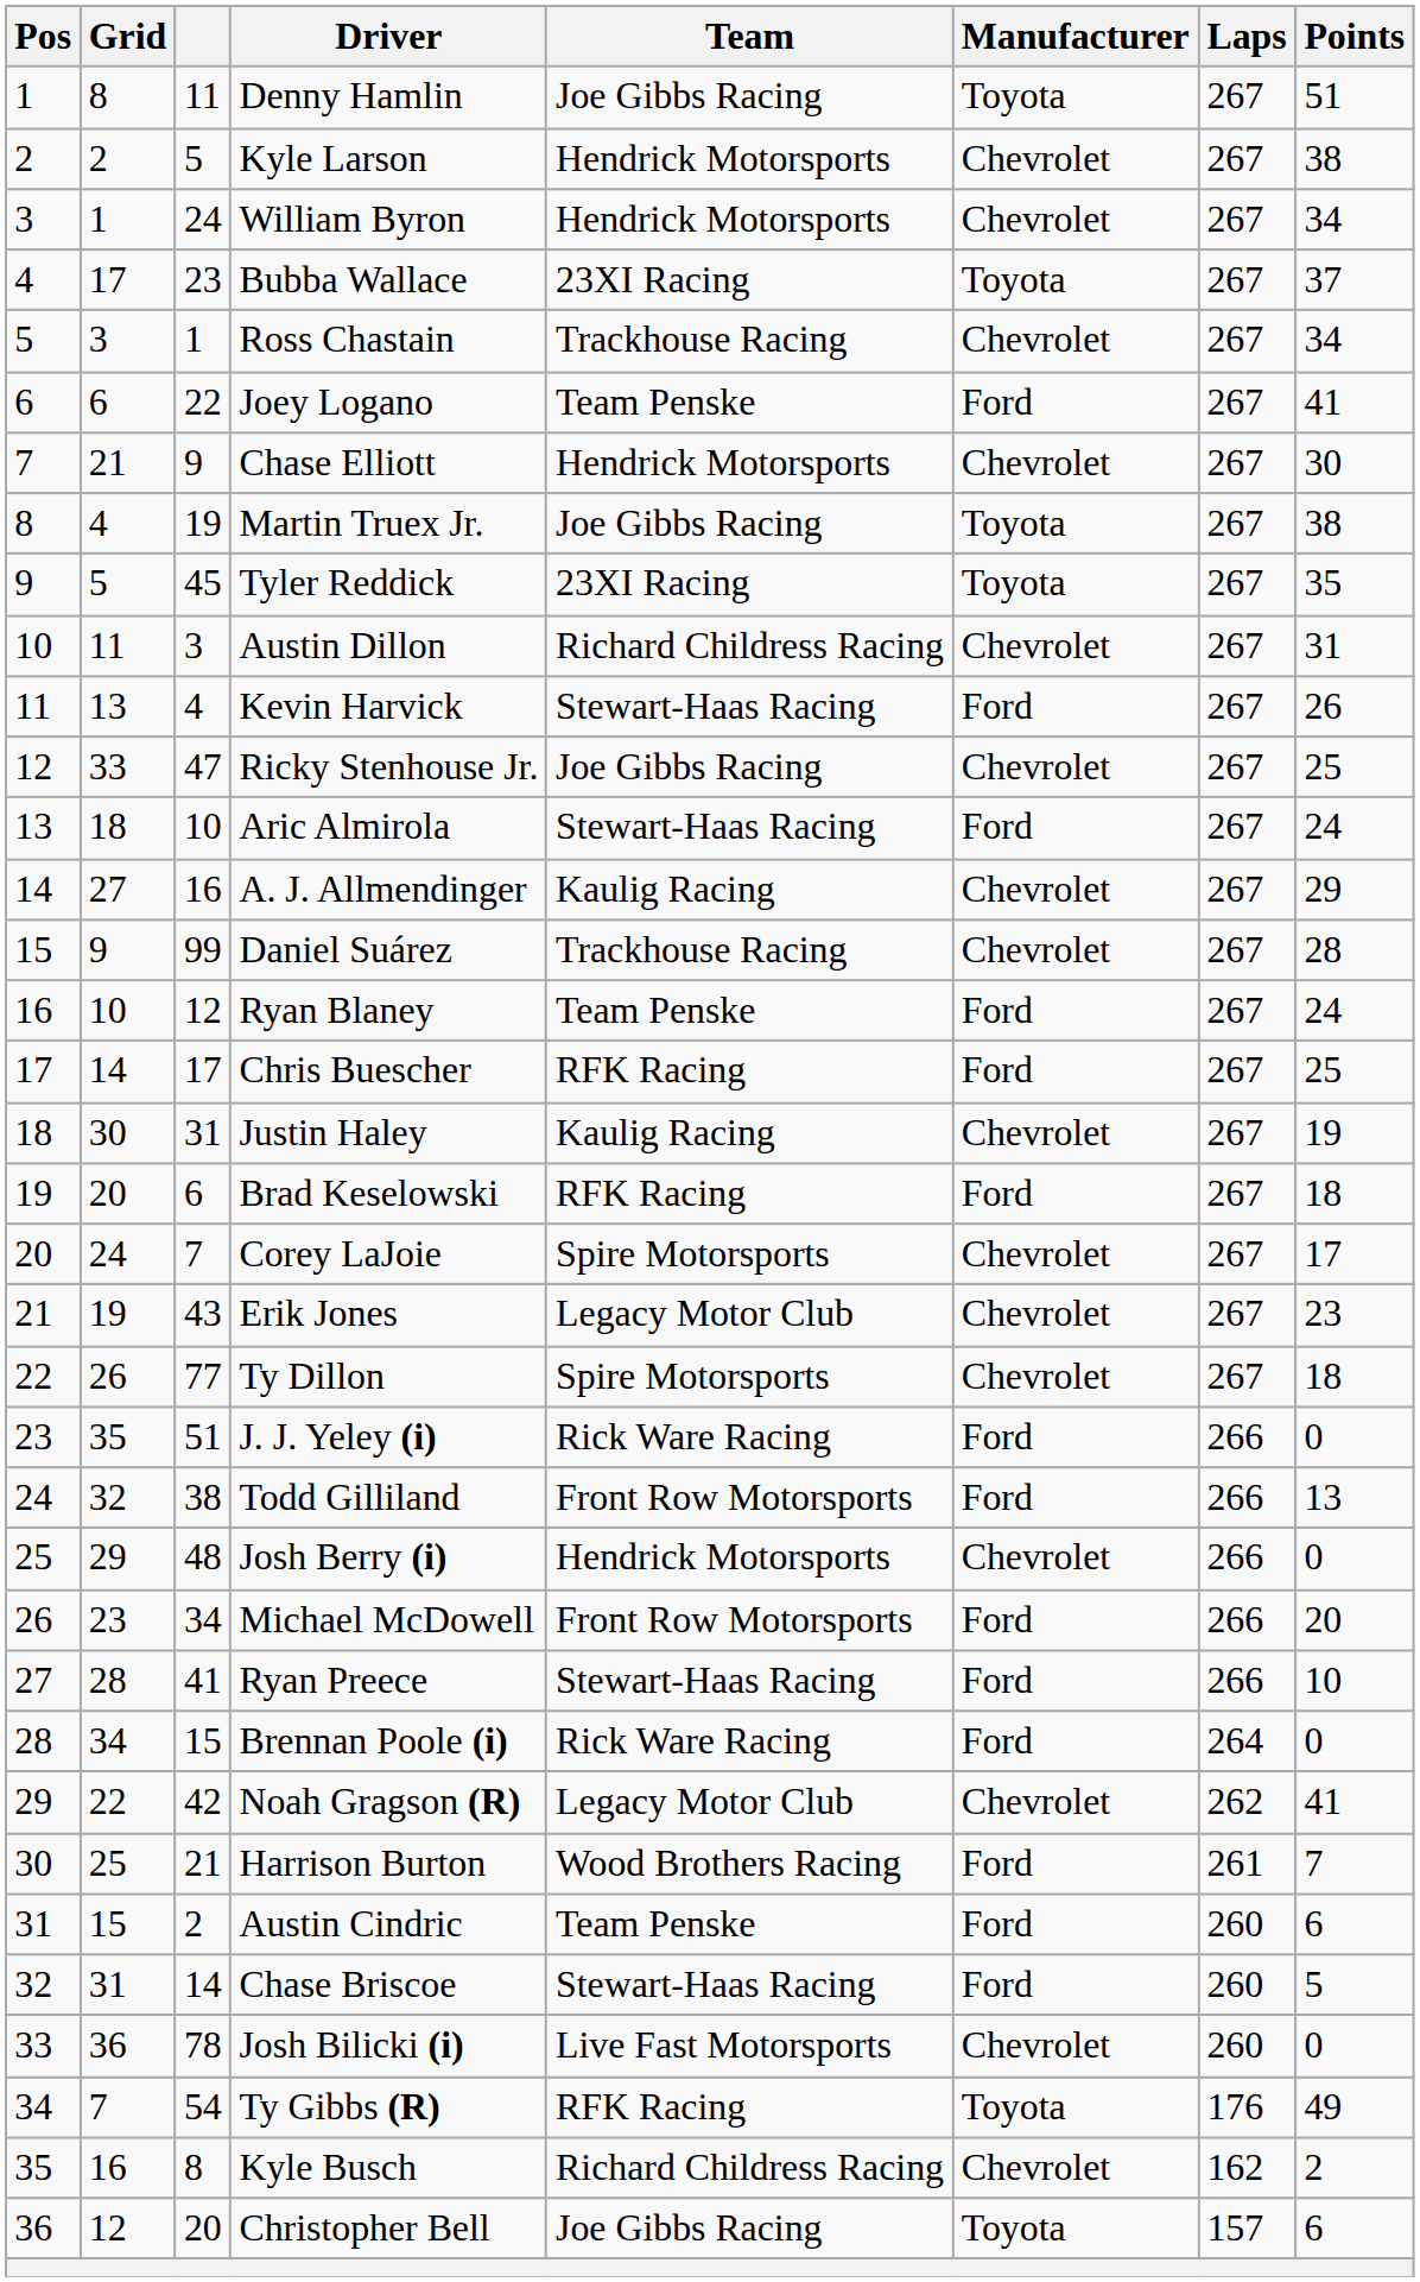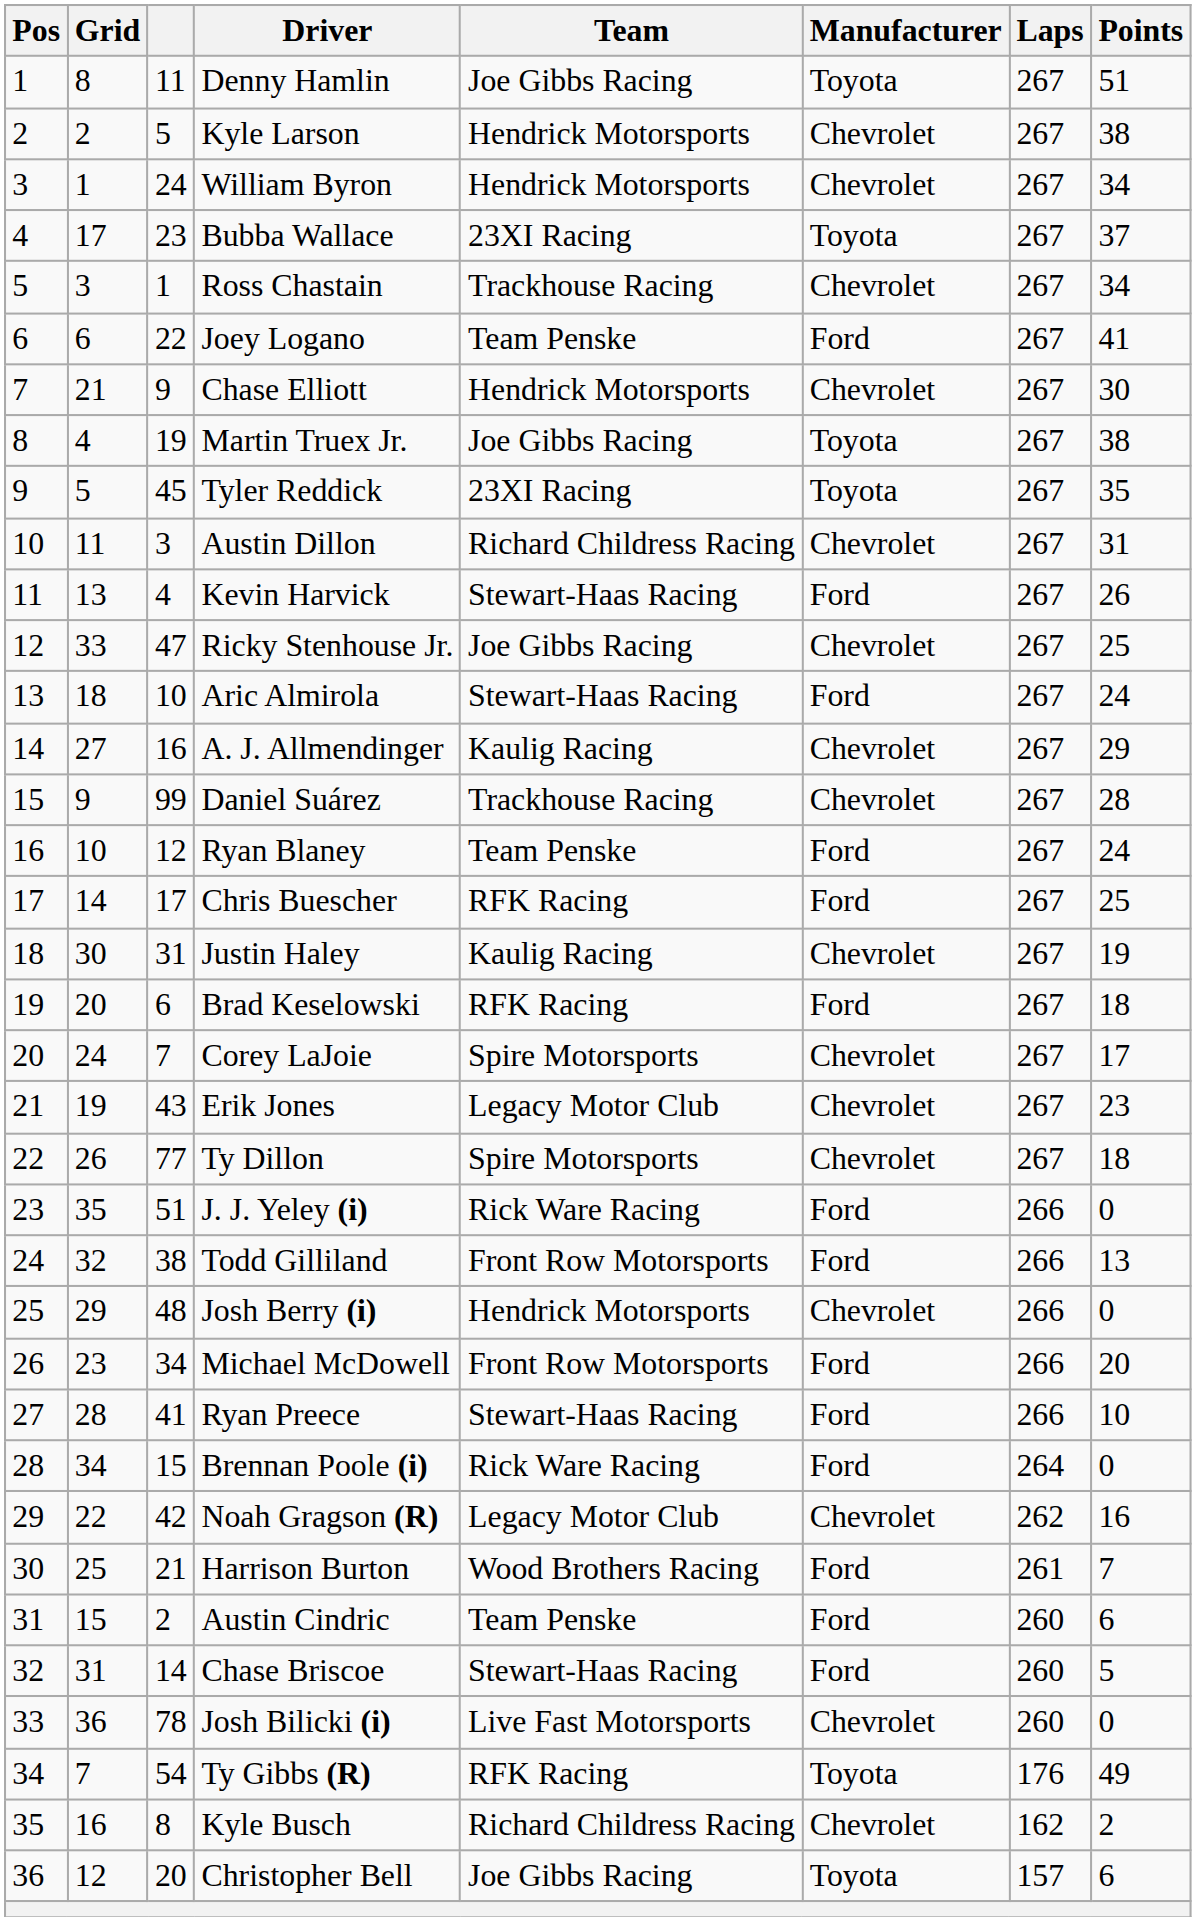 <table class="wikitable" style="font-size:98%">
 <tr>
 <th>Pos</th>
 <th>Grid</th>
 <th></th>
 <th>Driver</th>
 <th>Team</th>
 <th>Manufacturer</th>
 <th>Laps</th>
 <th>Points</th>
 </tr>
 <tr>
 <td>1</td>
 <td>8</td>
 <td>11</td>
 <td>Denny Hamlin</td>
 <td>Joe Gibbs Racing</td>
 <td>Toyota</td>
 <td>267</td>
 <td>51</td>
 </tr>
 <tr>
 <td>2</td>
 <td>2</td>
 <td>5</td>
 <td>Kyle Larson</td>
 <td>Hendrick Motorsports</td>
 <td>Chevrolet</td>
 <td>267</td>
 <td>38</td>
 </tr>
 <tr>
 <td>3</td>
 <td>1</td>
 <td>24</td>
 <td>William Byron</td>
 <td>Hendrick Motorsports</td>
 <td>Chevrolet</td>
 <td>267</td>
 <td>34</td>
 </tr>
 <tr>
 <td>4</td>
 <td>17</td>
 <td>23</td>
 <td>Bubba Wallace</td>
 <td>23XI Racing</td>
 <td>Toyota</td>
 <td>267</td>
 <td>37</td>
 </tr>
 <tr>
 <td>5</td>
 <td>3</td>
 <td>1</td>
 <td>Ross Chastain</td>
 <td>Trackhouse Racing</td>
 <td>Chevrolet</td>
 <td>267</td>
 <td>34</td>
 </tr>
 <tr>
 <td>6</td>
 <td>6</td>
 <td>22</td>
 <td>Joey Logano</td>
 <td>Team Penske</td>
 <td>Ford</td>
 <td>267</td>
 <td>41</td>
 </tr>
 <tr>
 <td>7</td>
 <td>21</td>
 <td>9</td>
 <td>Chase Elliott</td>
 <td>Hendrick Motorsports</td>
 <td>Chevrolet</td>
 <td>267</td>
 <td>30</td>
 </tr>
 <tr>
 <td>8</td>
 <td>4</td>
 <td>19</td>
 <td>Martin Truex Jr.</td>
 <td>Joe Gibbs Racing</td>
 <td>Toyota</td>
 <td>267</td>
 <td>38</td>
 </tr>
 <tr>
 <td>9</td>
 <td>5</td>
 <td>45</td>
 <td>Tyler Reddick</td>
 <td>23XI Racing</td>
 <td>Toyota</td>
 <td>267</td>
 <td>35</td>
 </tr>
 <tr>
 <td>10</td>
 <td>11</td>
 <td>3</td>
 <td>Austin Dillon</td>
 <td>Richard Childress Racing</td>
 <td>Chevrolet</td>
 <td>267</td>
 <td>31</td>
 </tr>
 <tr>
 <td>11</td>
 <td>13</td>
 <td>4</td>
 <td>Kevin Harvick</td>
 <td>Stewart-Haas Racing</td>
 <td>Ford</td>
 <td>267</td>
 <td>26</td>
 </tr>
 <tr>
 <td>12</td>
 <td>33</td>
 <td>47</td>
 <td>Ricky Stenhouse Jr.</td>
 <td>Joe Gibbs Racing</td>
 <td>Chevrolet</td>
 <td>267</td>
 <td>25</td>
 </tr>
 <tr>
 <td>13</td>
 <td>18</td>
 <td>10</td>
 <td>Aric Almirola</td>
 <td>Stewart-Haas Racing</td>
 <td>Ford</td>
 <td>267</td>
 <td>24</td>
 </tr>
 <tr>
 <td>14</td>
 <td>27</td>
 <td>16</td>
 <td>A. J. Allmendinger</td>
 <td>Kaulig Racing</td>
 <td>Chevrolet</td>
 <td>267</td>
 <td>29</td>
 </tr>
 <tr>
 <td>15</td>
 <td>9</td>
 <td>99</td>
 <td>Daniel Suárez</td>
 <td>Trackhouse Racing</td>
 <td>Chevrolet</td>
 <td>267</td>
 <td>28</td>
 </tr>
 <tr>
 <td>16</td>
 <td>10</td>
 <td>12</td>
 <td>Ryan Blaney</td>
 <td>Team Penske</td>
 <td>Ford</td>
 <td>267</td>
 <td>24</td>
 </tr>
 <tr>
 <td>17</td>
 <td>14</td>
 <td>17</td>
 <td>Chris Buescher</td>
 <td>RFK Racing</td>
 <td>Ford</td>
 <td>267</td>
 <td>25</td>
 </tr>
 <tr>
 <td>18</td>
 <td>30</td>
 <td>31</td>
 <td>Justin Haley</td>
 <td>Kaulig Racing</td>
 <td>Chevrolet</td>
 <td>267</td>
 <td>19</td>
 </tr>
 <tr>
 <td>19</td>
 <td>20</td>
 <td>6</td>
 <td>Brad Keselowski</td>
 <td>RFK Racing</td>
 <td>Ford</td>
 <td>267</td>
 <td>18</td>
 </tr>
 <tr>
 <td>20</td>
 <td>24</td>
 <td>7</td>
 <td>Corey LaJoie</td>
 <td>Spire Motorsports</td>
 <td>Chevrolet</td>
 <td>267</td>
 <td>17</td>
 </tr>
 <tr>
 <td>21</td>
 <td>19</td>
 <td>43</td>
 <td>Erik Jones</td>
 <td>Legacy Motor Club</td>
 <td>Chevrolet</td>
 <td>267</td>
 <td>23</td>
 </tr>
 <tr>
 <td>22</td>
 <td>26</td>
 <td>77</td>
 <td>Ty Dillon</td>
 <td>Spire Motorsports</td>
 <td>Chevrolet</td>
 <td>267</td>
 <td>18</td>
 </tr>
 <tr>
 <td>23</td>
 <td>35</td>
 <td>51</td>
 <td>J. J. Yeley <strong>(i)</strong></td>
 <td>Rick Ware Racing</td>
 <td>Ford</td>
 <td>266</td>
 <td>0</td>
 </tr>
 <tr>
 <td>24</td>
 <td>32</td>
 <td>38</td>
 <td>Todd Gilliland</td>
 <td>Front Row Motorsports</td>
 <td>Ford</td>
 <td>266</td>
 <td>13</td>
 </tr>
 <tr>
 <td>25</td>
 <td>29</td>
 <td>48</td>
 <td>Josh Berry <strong>(i)</strong></td>
 <td>Hendrick Motorsports</td>
 <td>Chevrolet</td>
 <td>266</td>
 <td>0</td>
 </tr>
 <tr>
 <td>26</td>
 <td>23</td>
 <td>34</td>
 <td>Michael McDowell</td>
 <td>Front Row Motorsports</td>
 <td>Ford</td>
 <td>266</td>
 <td>20</td>
 </tr>
 <tr>
 <td>27</td>
 <td>28</td>
 <td>41</td>
 <td>Ryan Preece</td>
 <td>Stewart-Haas Racing</td>
 <td>Ford</td>
 <td>266</td>
 <td>10</td>
 </tr>
 <tr>
 <td>28</td>
 <td>34</td>
 <td>15</td>
 <td>Brennan Poole <strong>(i)</strong></td>
 <td>Rick Ware Racing</td>
 <td>Ford</td>
 <td>264</td>
 <td>0</td>
 </tr>
 <tr>
 <td>29</td>
 <td>22</td>
 <td>42</td>
 <td>Noah Gragson <strong>(R)</strong></td>
 <td>Legacy Motor Club</td>
 <td>Chevrolet</td>
 <td>262</td>
-<td>41</td>
+<td>16</td>
 </tr>
 <tr>
 <td>30</td>
 <td>25</td>
 <td>21</td>
 <td>Harrison Burton</td>
 <td>Wood Brothers Racing</td>
 <td>Ford</td>
 <td>261</td>
 <td>7</td>
 </tr>
 <tr>
 <td>31</td>
 <td>15</td>
 <td>2</td>
 <td>Austin Cindric</td>
 <td>Team Penske</td>
 <td>Ford</td>
 <td>260</td>
 <td>6</td>
 </tr>
 <tr>
 <td>32</td>
 <td>31</td>
 <td>14</td>
 <td>Chase Briscoe</td>
 <td>Stewart-Haas Racing</td>
 <td>Ford</td>
 <td>260</td>
 <td>5</td>
 </tr>
 <tr>
 <td>33</td>
 <td>36</td>
 <td>78</td>
 <td>Josh Bilicki <strong>(i)</strong></td>
 <td>Live Fast Motorsports</td>
 <td>Chevrolet</td>
 <td>260</td>
 <td>0</td>
 </tr>
 <tr>
 <td>34</td>
 <td>7</td>
 <td>54</td>
 <td>Ty Gibbs <strong>(R)</strong></td>
 <td>RFK Racing</td>
 <td>Toyota</td>
 <td>176</td>
 <td>49</td>
 </tr>
 <tr>
 <td>35</td>
 <td>16</td>
 <td>8</td>
 <td>Kyle Busch</td>
 <td>Richard Childress Racing</td>
 <td>Chevrolet</td>
 <td>162</td>
 <td>2</td>
 </tr>
 <tr>
 <td>36</td>
 <td>12</td>
 <td>20</td>
 <td>Christopher Bell</td>
 <td>Joe Gibbs Racing</td>
 <td>Toyota</td>
 <td>157</td>
 <td>6</td>
 </tr>
 <tr>
 <th colspan="8"></th>
 </tr>
 </table>
